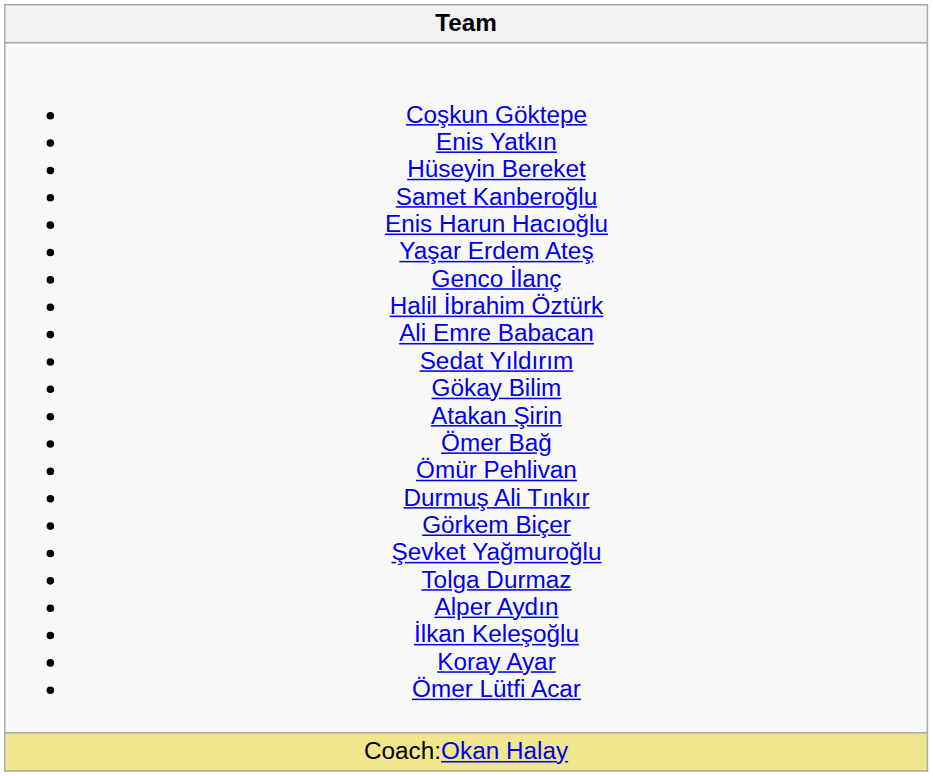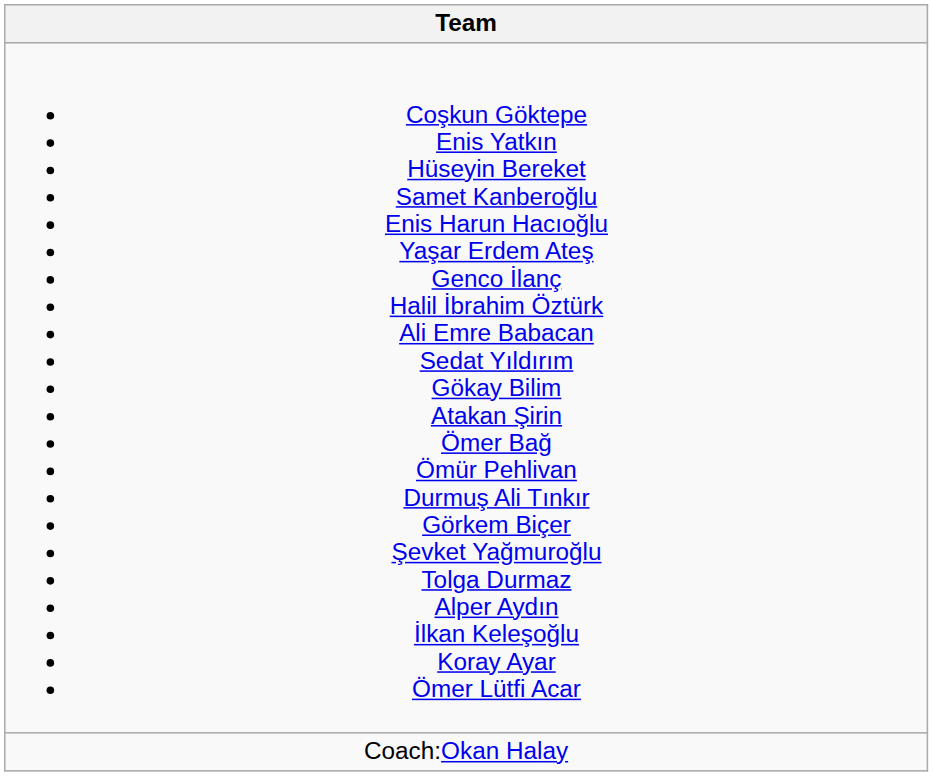 <table class="wikitable" style="text-align: center;">
 <tr>
 <th width=600>Team</th>
 </tr>
 <tr>
 <td><br><ul><li><a href='#'>Coşkun Göktepe</a></li><li><a href='#'>Enis Yatkın</a></li><li><a href='#'>Hüseyin Bereket</a></li><li><a href='#'>Samet Kanberoğlu</a></li><li><a href='#'>Enis Harun Hacıoğlu</a></li><li><a href='#'>Yaşar Erdem Ateş</a></li><li><a href='#'>Genco İlanç</a></li><li><a href='#'>Halil İbrahim Öztürk</a></li><li><a href='#'>Ali Emre Babacan</a></li><li><a href='#'>Sedat Yıldırım</a></li><li><a href='#'>Gökay Bilim</a></li><li><a href='#'>Atakan Şirin</a></li><li><a href='#'>Ömer Bağ</a></li><li><a href='#'>Ömür Pehlivan</a></li><li><a href='#'>Durmuş Ali Tınkır</a></li><li><a href='#'>Görkem Biçer</a></li><li><a href='#'>Şevket Yağmuroğlu</a></li><li><a href='#'>Tolga Durmaz</a></li><li><a href='#'>Alper Aydın</a></li><li><a href='#'>İlkan Keleşoğlu</a></li><li><a href='#'>Koray Ayar</a></li><li><a href='#'>Ömer Lütfi Acar</a></li></ul></td>
 </tr>
 <tr>
-<td style="background: khaki;">Coach:<a href='#'>Okan Halay</a></td>
+<td>Coach:<a href='#'>Okan Halay</a></td>
 </tr>
 </table>
